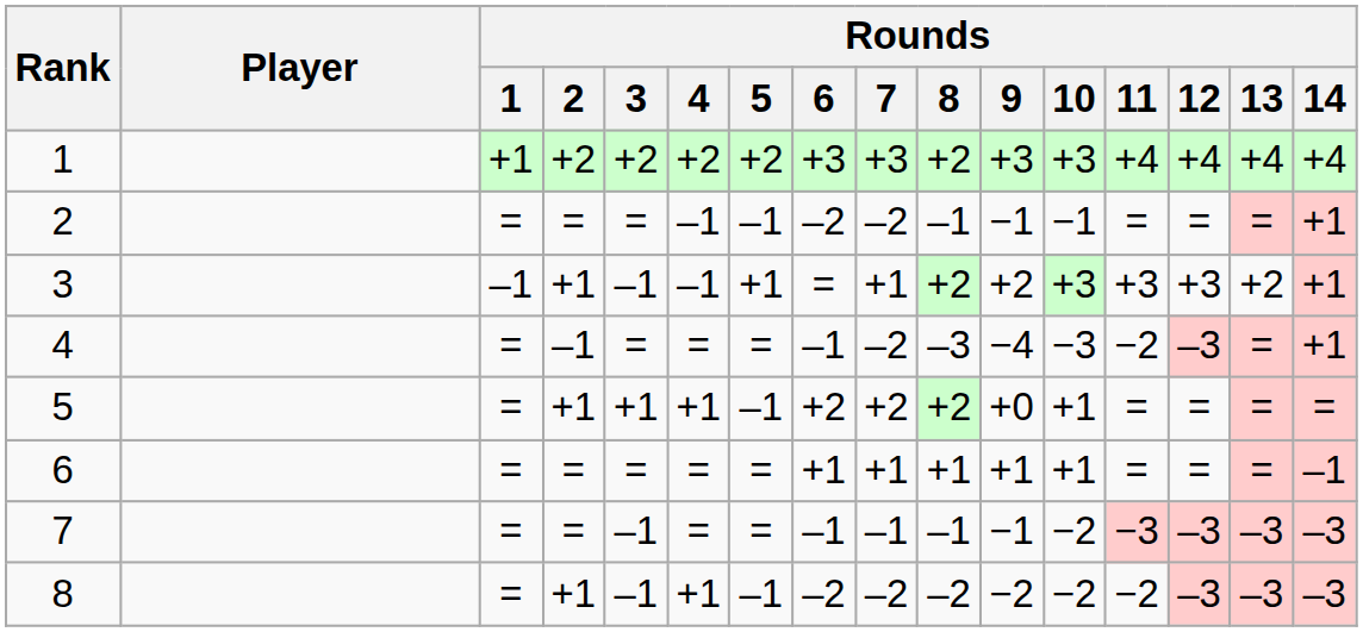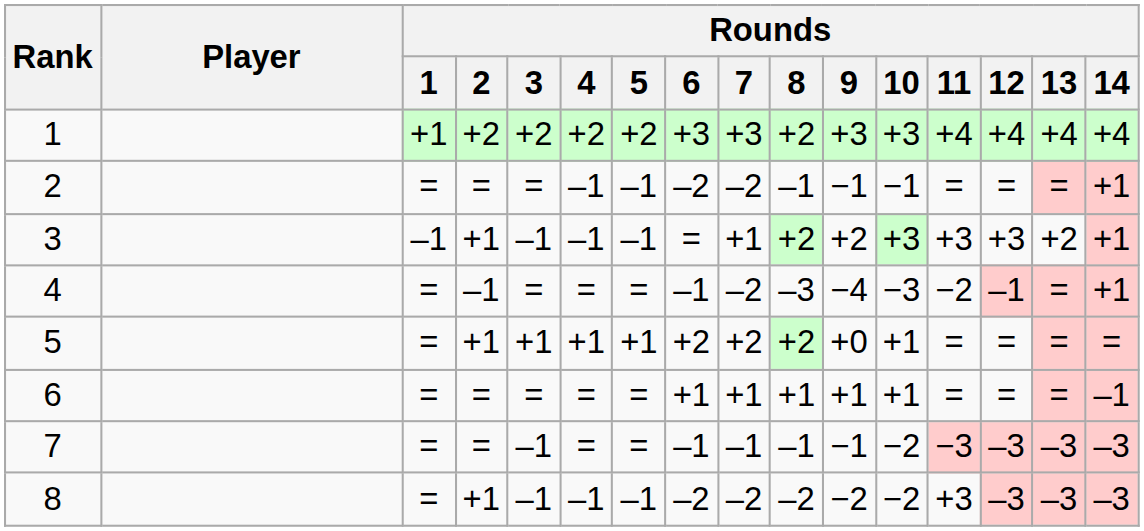 <table class="wikitable" style="font-size:100%; text-align:center; white-space: nowrap;">
 <tr>
 <th rowspan="2">Rank</th>
 <th rowspan="2" style="width:140px;">Player</th>
 <th colspan="14">Rounds</th>
 </tr>
 <tr>
 <th>1</th>
 <th>2</th>
 <th>3</th>
 <th>4</th>
 <th>5</th>
 <th>6</th>
 <th>7</th>
 <th>8</th>
 <th>9</th>
 <th>10</th>
 <th>11</th>
 <th>12</th>
 <th>13</th>
 <th>14</th>
 </tr>
 <tr>
 <td>1</td>
 <td align="left"></td>
 <td bgcolor="#ccffcc">+1</td>
 <td bgcolor="#ccffcc">+2</td>
 <td bgcolor="#ccffcc">+2</td>
 <td bgcolor="#ccffcc">+2</td>
 <td bgcolor="#ccffcc">+2</td>
 <td bgcolor="#ccffcc">+3</td>
 <td bgcolor="#ccffcc">+3</td>
 <td bgcolor="#ccffcc">+2</td>
 <td bgcolor="#ccffcc">+3</td>
 <td bgcolor="#ccffcc">+3</td>
 <td bgcolor="#ccffcc">+4</td>
 <td bgcolor="#ccffcc">+4</td>
 <td bgcolor="#ccffcc">+4</td>
 <td bgcolor="#ccffcc">+4</td>
 </tr>
 <tr>
 <td>2</td>
 <td align="left"></td>
 <td>=</td>
 <td>=</td>
 <td>=</td>
 <td>–1</td>
 <td>–1</td>
 <td>–2</td>
 <td>–2</td>
 <td>–1</td>
 <td>−1</td>
 <td>−1</td>
 <td>=</td>
 <td>=</td>
 <td bgcolor="#ffcccc">=</td>
 <td bgcolor="#ffcccc">+1</td>
 </tr>
 <tr>
 <td>3</td>
 <td align="left"></td>
 <td>–1</td>
 <td>+1</td>
 <td>–1</td>
 <td>–1</td>
-<td>+1</td>
+<td>–1</td>
 <td>=</td>
 <td>+1</td>
 <td bgcolor="#ccffcc">+2</td>
 <td>+2</td>
 <td bgcolor="#ccffcc">+3</td>
 <td>+3</td>
 <td>+3</td>
 <td>+2</td>
 <td bgcolor="#ffcccc">+1</td>
 </tr>
 <tr>
 <td>4</td>
 <td align="left"></td>
 <td>=</td>
 <td>–1</td>
 <td>=</td>
 <td>=</td>
 <td>=</td>
 <td>–1</td>
 <td>–2</td>
 <td>–3</td>
 <td>−4</td>
 <td>−3</td>
 <td>−2</td>
-<td bgcolor="#ffcccc">–3</td>
+<td bgcolor="#ffcccc">–1</td>
 <td bgcolor="#ffcccc">=</td>
 <td bgcolor="#ffcccc">+1</td>
 </tr>
 <tr>
 <td>5</td>
 <td align="left"></td>
 <td>=</td>
 <td>+1</td>
 <td>+1</td>
 <td>+1</td>
-<td>–1</td>
+<td>+1</td>
 <td>+2</td>
 <td>+2</td>
 <td bgcolor="#ccffcc">+2</td>
 <td>+0</td>
 <td>+1</td>
 <td>=</td>
 <td>=</td>
 <td bgcolor="#ffcccc">=</td>
 <td bgcolor="#ffcccc">=</td>
 </tr>
 <tr>
 <td>6</td>
 <td align="left"></td>
 <td>=</td>
 <td>=</td>
 <td>=</td>
 <td>=</td>
 <td>=</td>
 <td>+1</td>
 <td>+1</td>
 <td>+1</td>
 <td>+1</td>
 <td>+1</td>
 <td>=</td>
 <td>=</td>
 <td bgcolor="#ffcccc">=</td>
 <td bgcolor="#ffcccc">–1</td>
 </tr>
 <tr>
 <td>7</td>
 <td align="left"></td>
 <td>=</td>
 <td>=</td>
 <td>–1</td>
 <td>=</td>
 <td>=</td>
 <td>–1</td>
 <td>–1</td>
 <td>–1</td>
 <td>−1</td>
 <td>−2</td>
 <td bgcolor="#ffcccc">−3</td>
 <td bgcolor="#ffcccc">–3</td>
 <td bgcolor="#ffcccc">–3</td>
 <td bgcolor="#ffcccc">–3</td>
 </tr>
 <tr>
 <td>8</td>
 <td align="left"></td>
 <td>=</td>
 <td>+1</td>
 <td>–1</td>
-<td>+1</td>
+<td>–1</td>
 <td>–1</td>
 <td>–2</td>
 <td>–2</td>
 <td>–2</td>
 <td>−2</td>
 <td>−2</td>
-<td>−2</td>
+<td>+3</td>
 <td bgcolor="#ffcccc">–3</td>
 <td bgcolor="#ffcccc">–3</td>
 <td bgcolor="#ffcccc">–3</td>
 </tr>
 </table>
